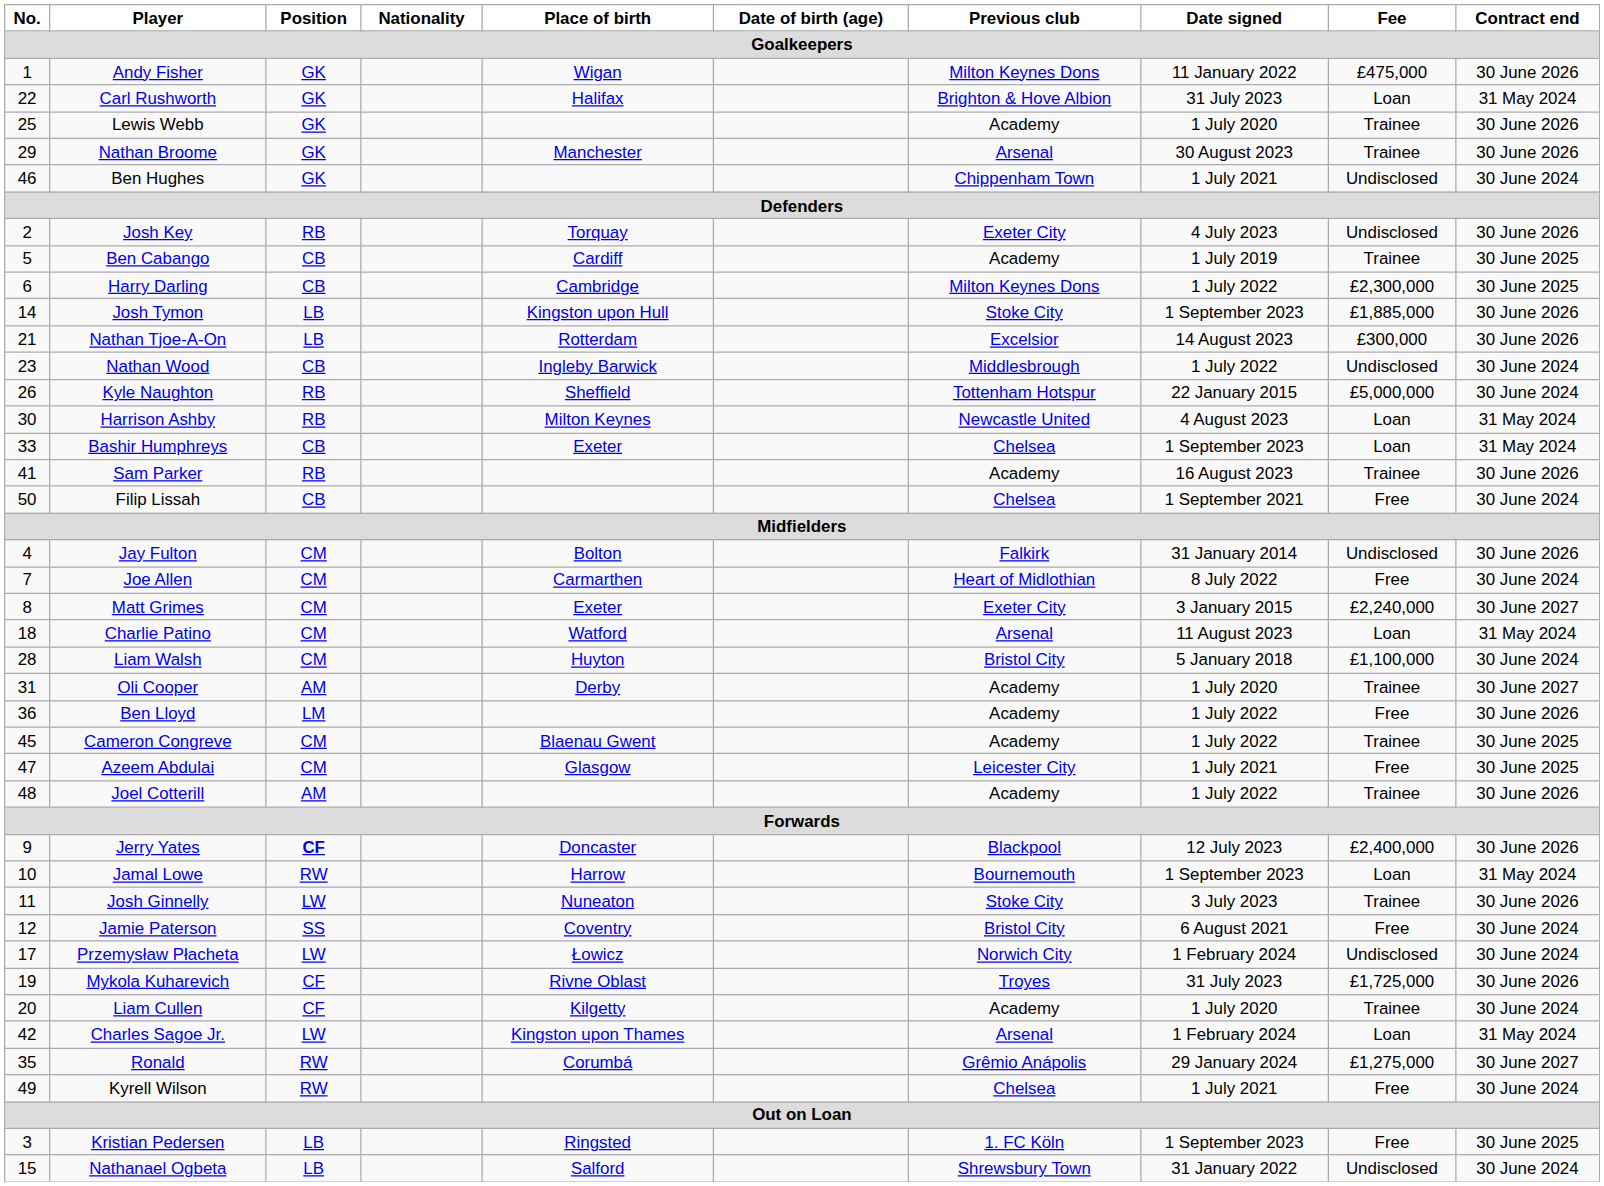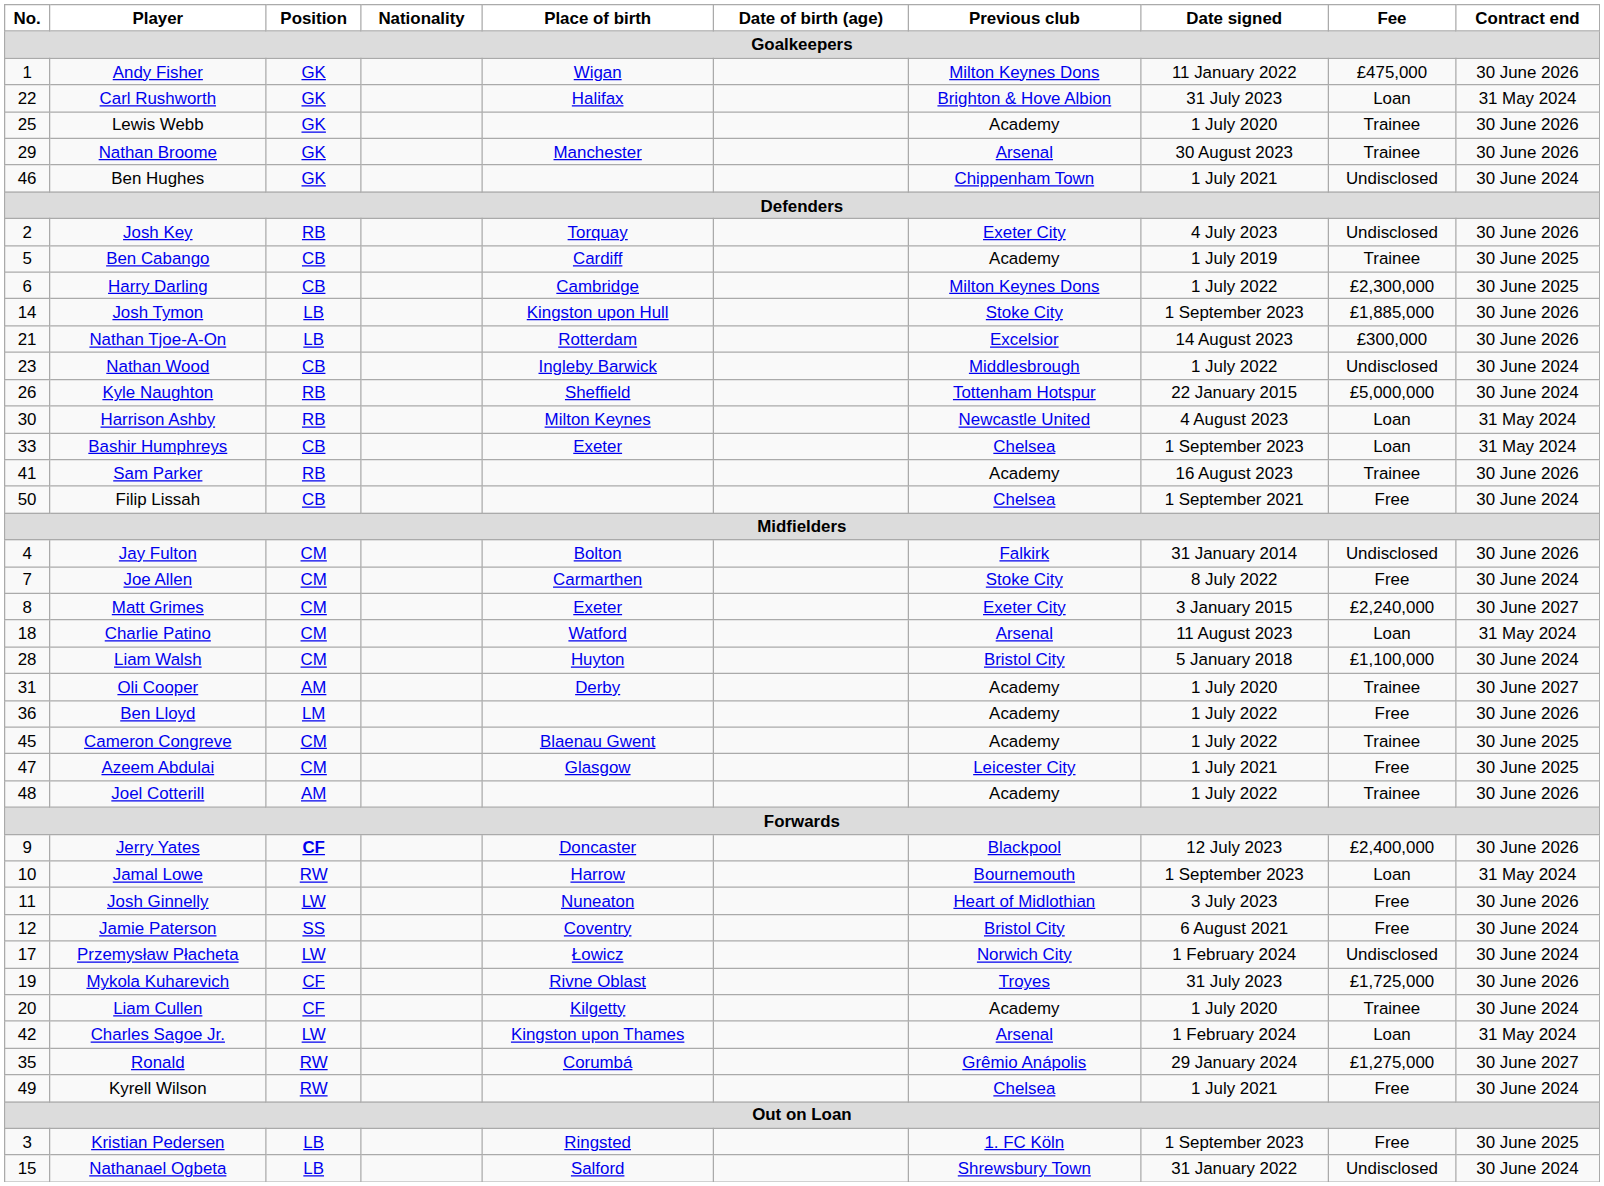 <table class="wikitable" style="text-align:center; font-size:84.5%; width:101%;">
 <tr>
 <th style="background: white; color:black; ">No.</th>
 <th style="background: white; color:black; ">Player</th>
 <th style="background: white; color:black; ">Position</th>
 <th style="background: white; color:black; ">Nationality</th>
 <th style="background: white; color:black; ">Place of birth</th>
 <th style="background: white; color:black; ">Date of birth (age)</th>
 <th style="background: white; color:black; ">Previous club</th>
 <th style="background: white; color:black; ">Date signed</th>
 <th style="background: white; color:black; ">Fee</th>
 <th style="background: white; color:black; ">Contract end</th>
 </tr>
 <tr>
 <th colspan="14" style="background:#dcdcdc; tepxt-align:center;">Goalkeepers</th>
 </tr>
 <tr>
 <td>1</td>
 <td><a href='#'>Andy Fisher</a></td>
 <td><a href='#'>GK</a></td>
 <td></td>
 <td><a href='#'>Wigan</a></td>
 <td></td>
 <td><a href='#'>Milton Keynes Dons</a></td>
 <td>11 January 2022</td>
 <td>£475,000</td>
 <td>30 June 2026</td>
 </tr>
 <tr>
 <td>22</td>
 <td><a href='#'>Carl Rushworth</a></td>
 <td><a href='#'>GK</a></td>
 <td></td>
 <td><a href='#'>Halifax</a></td>
 <td></td>
 <td><a href='#'>Brighton & Hove Albion</a></td>
 <td>31 July 2023</td>
 <td>Loan</td>
 <td>31 May 2024</td>
 </tr>
 <tr>
 <td>25</td>
 <td>Lewis Webb</td>
 <td><a href='#'>GK</a></td>
 <td></td>
 <td></td>
 <td></td>
 <td>Academy</td>
 <td>1 July 2020</td>
 <td>Trainee</td>
 <td>30 June 2026</td>
 </tr>
 <tr>
 <td>29</td>
 <td><a href='#'>Nathan Broome</a></td>
 <td><a href='#'>GK</a></td>
 <td></td>
 <td><a href='#'>Manchester</a></td>
 <td></td>
 <td><a href='#'>Arsenal</a></td>
 <td>30 August 2023</td>
 <td>Trainee</td>
 <td>30 June 2026</td>
 </tr>
 <tr>
 <td>46</td>
 <td>Ben Hughes</td>
 <td><a href='#'>GK</a></td>
 <td></td>
 <td></td>
 <td></td>
 <td><a href='#'>Chippenham Town</a></td>
 <td>1 July 2021</td>
 <td>Undisclosed</td>
 <td>30 June 2024</td>
 </tr>
 <tr>
 <th colspan="14" style="background:#dcdcdc; tepxt-align:center;">Defenders</th>
 </tr>
 <tr>
 <td>2</td>
 <td><a href='#'>Josh Key</a></td>
 <td><a href='#'>RB</a></td>
 <td></td>
 <td><a href='#'>Torquay</a></td>
 <td></td>
 <td><a href='#'>Exeter City</a></td>
 <td>4 July 2023</td>
 <td>Undisclosed</td>
 <td>30 June 2026</td>
 </tr>
 <tr>
 <td>5</td>
 <td><a href='#'>Ben Cabango</a></td>
 <td><a href='#'>CB</a></td>
 <td></td>
 <td><a href='#'>Cardiff</a></td>
 <td></td>
 <td>Academy</td>
 <td>1 July 2019</td>
 <td>Trainee</td>
 <td>30 June 2025</td>
 </tr>
 <tr>
 <td>6</td>
 <td><a href='#'>Harry Darling</a></td>
 <td><a href='#'>CB</a></td>
 <td></td>
 <td><a href='#'>Cambridge</a></td>
 <td></td>
 <td><a href='#'>Milton Keynes Dons</a></td>
 <td>1 July 2022</td>
 <td>£2,300,000</td>
 <td>30 June 2025</td>
 </tr>
 <tr>
 <td>14</td>
 <td><a href='#'>Josh Tymon</a></td>
 <td><a href='#'>LB</a></td>
 <td></td>
 <td><a href='#'>Kingston upon Hull</a></td>
 <td></td>
 <td><a href='#'>Stoke City</a></td>
 <td>1 September 2023</td>
 <td>£1,885,000</td>
 <td>30 June 2026</td>
 </tr>
 <tr>
 <td>21</td>
 <td><a href='#'>Nathan Tjoe-A-On</a></td>
 <td><a href='#'>LB</a></td>
 <td></td>
 <td> <a href='#'>Rotterdam</a></td>
 <td></td>
 <td> <a href='#'>Excelsior</a></td>
 <td>14 August 2023</td>
 <td>£300,000</td>
 <td>30 June 2026</td>
 </tr>
 <tr>
 <td>23</td>
 <td><a href='#'>Nathan Wood</a></td>
 <td><a href='#'>CB</a></td>
 <td></td>
 <td><a href='#'>Ingleby Barwick</a></td>
 <td></td>
 <td><a href='#'>Middlesbrough</a></td>
 <td>1 July 2022</td>
 <td>Undisclosed</td>
 <td>30 June 2024</td>
 </tr>
 <tr>
 <td>26</td>
 <td><a href='#'>Kyle Naughton</a></td>
 <td><a href='#'>RB</a></td>
 <td></td>
 <td><a href='#'>Sheffield</a></td>
 <td></td>
 <td><a href='#'>Tottenham Hotspur</a></td>
 <td>22 January 2015</td>
 <td>£5,000,000</td>
 <td>30 June 2024</td>
 </tr>
 <tr>
 <td>30</td>
 <td><a href='#'>Harrison Ashby</a></td>
 <td><a href='#'>RB</a></td>
 <td></td>
 <td> <a href='#'>Milton Keynes</a></td>
 <td></td>
 <td><a href='#'>Newcastle United</a></td>
 <td>4 August 2023</td>
 <td>Loan</td>
 <td>31 May 2024</td>
 </tr>
 <tr>
 <td>33</td>
 <td><a href='#'>Bashir Humphreys</a></td>
 <td><a href='#'>CB</a></td>
 <td></td>
 <td><a href='#'>Exeter</a></td>
 <td></td>
 <td><a href='#'>Chelsea</a></td>
 <td>1 September 2023</td>
 <td>Loan</td>
 <td>31 May 2024</td>
 </tr>
 <tr>
 <td>41</td>
 <td><a href='#'>Sam Parker</a></td>
 <td><a href='#'>RB</a></td>
 <td></td>
 <td></td>
 <td></td>
 <td>Academy</td>
 <td>16 August 2023</td>
 <td>Trainee</td>
 <td>30 June 2026</td>
 </tr>
 <tr>
 <td>50</td>
 <td>Filip Lissah</td>
 <td><a href='#'>CB</a></td>
 <td></td>
 <td></td>
 <td></td>
 <td><a href='#'>Chelsea</a></td>
 <td>1 September 2021</td>
 <td>Free</td>
 <td>30 June 2024</td>
 </tr>
 <tr>
 <th colspan="14" style="background:#dcdcdc; tepxt-align:center;">Midfielders</th>
 </tr>
 <tr>
 <td>4</td>
 <td><a href='#'>Jay Fulton</a></td>
 <td><a href='#'>CM</a></td>
 <td></td>
 <td> <a href='#'>Bolton</a></td>
 <td></td>
 <td> <a href='#'>Falkirk</a></td>
 <td>31 January 2014</td>
 <td>Undisclosed</td>
 <td>30 June 2026</td>
 </tr>
 <tr>
 <td>7</td>
 <td><a href='#'>Joe Allen</a></td>
 <td><a href='#'>CM</a></td>
 <td></td>
 <td><a href='#'>Carmarthen</a></td>
 <td></td>
-<td> <a href='#'>Heart of Midlothian</a></td>
+<td><a href='#'>Stoke City</a></td>
 <td>8 July 2022</td>
 <td>Free</td>
 <td>30 June 2024</td>
 </tr>
 <tr>
 <td>8</td>
 <td><a href='#'>Matt Grimes</a></td>
 <td><a href='#'>CM</a></td>
 <td></td>
 <td><a href='#'>Exeter</a></td>
 <td></td>
 <td><a href='#'>Exeter City</a></td>
 <td>3 January 2015</td>
 <td>£2,240,000</td>
 <td>30 June 2027</td>
 </tr>
 <tr>
 <td>18</td>
 <td><a href='#'>Charlie Patino</a></td>
 <td><a href='#'>CM</a></td>
 <td></td>
 <td><a href='#'>Watford</a></td>
 <td></td>
 <td><a href='#'>Arsenal</a></td>
 <td>11 August 2023</td>
 <td>Loan</td>
 <td>31 May 2024</td>
 </tr>
 <tr>
 <td>28</td>
 <td><a href='#'>Liam Walsh</a></td>
 <td><a href='#'>CM</a></td>
 <td></td>
 <td><a href='#'>Huyton</a></td>
 <td></td>
 <td><a href='#'>Bristol City</a></td>
 <td>5 January 2018</td>
 <td>£1,100,000</td>
 <td>30 June 2024</td>
 </tr>
 <tr>
 <td>31</td>
 <td><a href='#'>Oli Cooper</a></td>
 <td><a href='#'>AM</a></td>
 <td></td>
 <td> <a href='#'>Derby</a></td>
 <td></td>
 <td>Academy</td>
 <td>1 July 2020</td>
 <td>Trainee</td>
 <td>30 June 2027</td>
 </tr>
 <tr>
 <td>36</td>
 <td><a href='#'>Ben Lloyd</a></td>
 <td><a href='#'>LM</a></td>
 <td></td>
 <td></td>
 <td></td>
 <td>Academy</td>
 <td>1 July 2022</td>
 <td>Free</td>
 <td>30 June 2026</td>
 </tr>
 <tr>
 <td>45</td>
 <td><a href='#'>Cameron Congreve</a></td>
 <td><a href='#'>CM</a></td>
 <td></td>
 <td><a href='#'>Blaenau Gwent</a></td>
 <td></td>
 <td>Academy</td>
 <td>1 July 2022</td>
 <td>Trainee</td>
 <td>30 June 2025</td>
 </tr>
 <tr>
 <td>47</td>
 <td><a href='#'>Azeem Abdulai</a></td>
 <td><a href='#'>CM</a></td>
 <td></td>
 <td><a href='#'>Glasgow</a></td>
 <td></td>
 <td><a href='#'>Leicester City</a></td>
 <td>1 July 2021</td>
 <td>Free</td>
 <td>30 June 2025</td>
 </tr>
 <tr>
 <td>48</td>
 <td><a href='#'>Joel Cotterill</a></td>
 <td><a href='#'>AM</a></td>
 <td></td>
 <td></td>
 <td></td>
 <td>Academy</td>
 <td>1 July 2022</td>
 <td>Trainee</td>
 <td>30 June 2026</td>
 </tr>
 <tr>
 <th colspan="14" style="background:#dcdcdc; tepxt-align:center;">Forwards</th>
 </tr>
 <tr>
 <td>9</td>
 <td><a href='#'>Jerry Yates</a></td>
 <td><strong><a href='#'>CF</a></strong></td>
 <td></td>
 <td><a href='#'>Doncaster</a></td>
 <td></td>
 <td><a href='#'>Blackpool</a></td>
 <td>12 July 2023</td>
 <td>£2,400,000</td>
 <td>30 June 2026</td>
 </tr>
 <tr>
 <td>10</td>
 <td><a href='#'>Jamal Lowe</a></td>
 <td><a href='#'>RW</a></td>
 <td></td>
 <td> <a href='#'>Harrow</a></td>
 <td></td>
 <td><a href='#'>Bournemouth</a></td>
 <td>1 September 2023</td>
 <td>Loan</td>
 <td>31 May 2024</td>
 </tr>
 <tr>
 <td>11</td>
 <td><a href='#'>Josh Ginnelly</a></td>
 <td><a href='#'>LW</a></td>
 <td></td>
 <td><a href='#'>Nuneaton</a></td>
 <td></td>
-<td><a href='#'>Stoke City</a></td>
+<td> <a href='#'>Heart of Midlothian</a></td>
 <td>3 July 2023</td>
-<td>Trainee</td>
+<td>Free</td>
 <td>30 June 2026</td>
 </tr>
 <tr>
 <td>12</td>
 <td><a href='#'>Jamie Paterson</a></td>
 <td><a href='#'>SS</a></td>
 <td></td>
 <td><a href='#'>Coventry</a></td>
 <td></td>
 <td><a href='#'>Bristol City</a></td>
 <td>6 August 2021</td>
 <td>Free</td>
 <td>30 June 2024</td>
 </tr>
 <tr>
 <td>17</td>
 <td><a href='#'>Przemysław Płacheta</a></td>
 <td><a href='#'>LW</a></td>
 <td></td>
 <td><a href='#'>Łowicz</a></td>
 <td></td>
 <td><a href='#'>Norwich City</a></td>
 <td>1 February 2024</td>
 <td>Undisclosed</td>
 <td>30 June 2024</td>
 </tr>
 <tr>
 <td>19</td>
 <td><a href='#'>Mykola Kuharevich</a></td>
 <td><a href='#'>CF</a></td>
 <td></td>
 <td><a href='#'>Rivne Oblast</a></td>
 <td></td>
 <td> <a href='#'>Troyes</a></td>
 <td>31 July 2023</td>
 <td>£1,725,000</td>
 <td>30 June 2026</td>
 </tr>
 <tr>
 <td>20</td>
 <td><a href='#'>Liam Cullen</a></td>
 <td><a href='#'>CF</a></td>
 <td></td>
 <td><a href='#'>Kilgetty</a></td>
 <td></td>
 <td>Academy</td>
 <td>1 July 2020</td>
 <td>Trainee</td>
 <td>30 June 2024</td>
 </tr>
 <tr>
 <td>42</td>
 <td><a href='#'>Charles Sagoe Jr.</a></td>
 <td><a href='#'>LW</a></td>
 <td></td>
 <td><a href='#'>Kingston upon Thames</a></td>
 <td></td>
 <td><a href='#'>Arsenal</a></td>
 <td>1 February 2024</td>
 <td>Loan</td>
 <td>31 May 2024</td>
 </tr>
 <tr>
 <td>35</td>
 <td><a href='#'>Ronald</a></td>
 <td><a href='#'>RW</a></td>
 <td></td>
 <td><a href='#'>Corumbá</a></td>
 <td></td>
 <td> <a href='#'>Grêmio Anápolis</a></td>
 <td>29 January 2024</td>
 <td>£1,275,000</td>
 <td>30 June 2027</td>
 </tr>
 <tr>
 <td>49</td>
 <td>Kyrell Wilson</td>
 <td><a href='#'>RW</a></td>
 <td></td>
 <td></td>
 <td></td>
 <td><a href='#'>Chelsea</a></td>
 <td>1 July 2021</td>
 <td>Free</td>
 <td>30 June 2024</td>
 </tr>
 <tr>
 <th colspan="14" style="background:#dcdcdc; tepxt-align:center;">Out on Loan</th>
 </tr>
 <tr>
 <td>3</td>
 <td><a href='#'>Kristian Pedersen</a></td>
 <td><a href='#'>LB</a></td>
 <td></td>
 <td><a href='#'>Ringsted</a></td>
 <td></td>
 <td> <a href='#'>1. FC Köln</a></td>
 <td>1 September 2023</td>
 <td>Free</td>
 <td>30 June 2025</td>
 </tr>
 <tr>
 <td>15</td>
 <td><a href='#'>Nathanael Ogbeta</a></td>
 <td><a href='#'>LB</a></td>
 <td></td>
 <td><a href='#'>Salford</a></td>
 <td></td>
 <td><a href='#'>Shrewsbury Town</a></td>
 <td>31 January 2022</td>
 <td>Undisclosed</td>
 <td>30 June 2024</td>
 </tr>
 </table>
